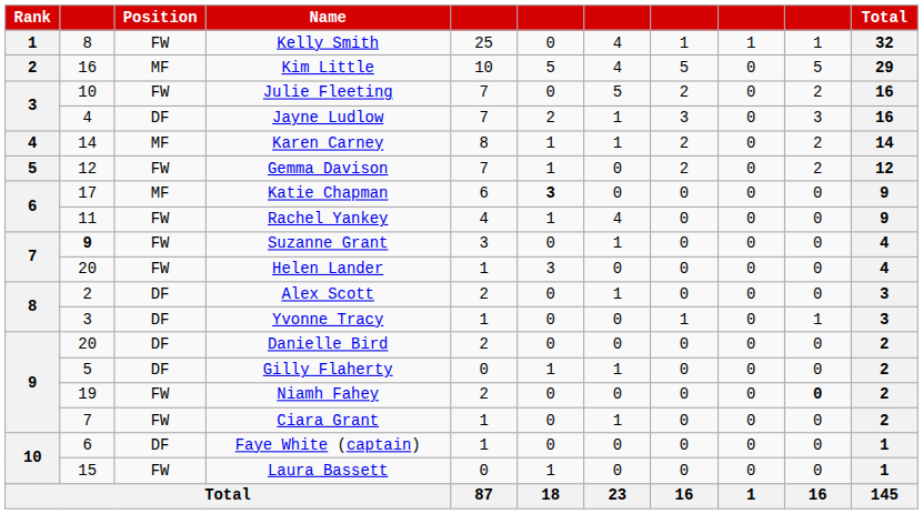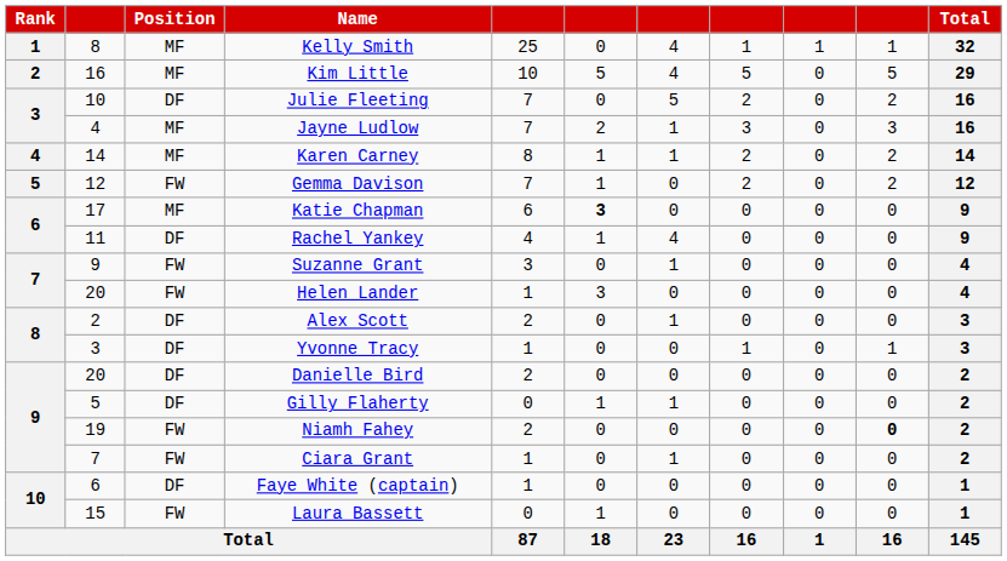 <table class="wikitable" style="text-align:center; font-size:100%; ">
 <tr>
 <th style="background:#d50000; color:white; text-align:center; width:40px">Rank</th>
 <th style="background:#d50000; color:white; text-align:center; width:40px"></th>
 <th style="background:#d50000; color:white; text-align:center; width:70px">Position</th>
 <th style="background:#d50000; color:white; text-align:center; width:200px">Name</th>
 <th style="background:#d50000; color:white; text-align:center; width:50px;"><a href='#'></a></th>
 <th style="background:#d50000; color:white; text-align:center; width:50px;"><a href='#'></a></th>
 <th style="background:#d50000; color:white; text-align:center; width:50px;"></th>
 <th style="background:#d50000; color:white; text-align:center; width:50px;"></th>
 <th style="background:#d50000; color:white; text-align:center; width:50px;"></th>
 <th style="background:#d50000; color:white; text-align:center; width:50px;"></th>
 <th style="background:#d50000; color:white; text-align:center; width:50px;">Total</th>
 </tr>
 <tr>
 <th>1</th>
 <td>8</td>
-<td>FW</td>
+<td>MF</td>
 <td> <a href='#'>Kelly Smith</a></td>
 <td>25</td>
 <td>0</td>
 <td>4</td>
 <td>1</td>
 <td>1</td>
 <td>1</td>
 <th>32</th>
 </tr>
 <tr>
 <th>2</th>
 <td>16</td>
 <td>MF</td>
 <td> <a href='#'>Kim Little</a></td>
 <td>10</td>
 <td>5</td>
 <td>4</td>
 <td>5</td>
 <td>0</td>
 <td>5</td>
 <th>29</th>
 </tr>
 <tr>
 <th rowspan="2">3</th>
 <td>10</td>
-<td>FW</td>
+<td>DF</td>
 <td> <a href='#'>Julie Fleeting</a></td>
 <td>7</td>
 <td>0</td>
 <td>5</td>
 <td>2</td>
 <td>0</td>
 <td>2</td>
 <th>16</th>
 </tr>
 <tr>
 <td>4</td>
-<td>DF</td>
+<td>MF</td>
 <td> <a href='#'>Jayne Ludlow</a></td>
 <td>7</td>
 <td>2</td>
 <td>1</td>
 <td>3</td>
 <td>0</td>
 <td>3</td>
 <th>16</th>
 </tr>
 <tr>
 <th>4</th>
 <td>14</td>
 <td>MF</td>
 <td> <a href='#'>Karen Carney</a></td>
 <td>8</td>
 <td>1</td>
 <td>1</td>
 <td>2</td>
 <td>0</td>
 <td>2</td>
 <th>14</th>
 </tr>
 <tr>
 <th>5</th>
 <td>12</td>
 <td>FW</td>
 <td> <a href='#'>Gemma Davison</a></td>
 <td>7</td>
 <td>1</td>
 <td>0</td>
 <td>2</td>
 <td>0</td>
 <td>2</td>
 <th>12</th>
 </tr>
 <tr>
 <th rowspan="2">6</th>
 <td>17</td>
 <td>MF</td>
 <td><em></em> <a href='#'>Katie Chapman</a></td>
 <td>6</td>
 <td><strong>3</strong></td>
 <td>0</td>
 <td>0</td>
 <td>0</td>
 <td>0</td>
 <th>9</th>
 </tr>
 <tr>
 <td>11</td>
-<td>FW</td>
+<td>DF</td>
 <td> <a href='#'>Rachel Yankey</a></td>
 <td>4</td>
 <td>1</td>
 <td>4</td>
 <td>0</td>
 <td>0</td>
 <td>0</td>
 <th>9</th>
 </tr>
 <tr>
 <th rowspan="2">7</th>
-<td><strong>9</strong></td>
+<td>9</td>
 <td>FW</td>
 <td> <a href='#'>Suzanne Grant</a></td>
 <td>3</td>
 <td>0</td>
 <td>1</td>
 <td>0</td>
 <td>0</td>
 <td>0</td>
 <th>4</th>
 </tr>
 <tr>
 <td>20</td>
 <td>FW</td>
 <td> <a href='#'>Helen Lander</a></td>
 <td>1</td>
 <td>3</td>
 <td>0</td>
 <td>0</td>
 <td>0</td>
 <td>0</td>
 <th>4</th>
 </tr>
 <tr>
 <th rowspan="2">8</th>
 <td>2</td>
 <td>DF</td>
 <td> <a href='#'>Alex Scott</a></td>
 <td>2</td>
 <td>0</td>
 <td>1</td>
 <td>0</td>
 <td>0</td>
 <td>0</td>
 <th>3</th>
 </tr>
 <tr>
 <td>3</td>
 <td>DF</td>
 <td> <a href='#'>Yvonne Tracy</a></td>
 <td>1</td>
 <td>0</td>
 <td>0</td>
 <td>1</td>
 <td>0</td>
 <td>1</td>
 <th>3</th>
 </tr>
 <tr>
 <th rowspan="4">9</th>
 <td>20</td>
 <td>DF</td>
 <td> <a href='#'>Danielle Bird</a></td>
 <td>2</td>
 <td>0</td>
 <td>0</td>
 <td>0</td>
 <td>0</td>
 <td>0</td>
 <th>2</th>
 </tr>
 <tr>
 <td>5</td>
 <td>DF</td>
 <td> <a href='#'>Gilly Flaherty</a></td>
 <td>0</td>
 <td>1</td>
 <td>1</td>
 <td>0</td>
 <td>0</td>
 <td>0</td>
 <th>2</th>
 </tr>
 <tr>
 <td>19</td>
 <td>FW</td>
 <td> <a href='#'>Niamh Fahey</a></td>
 <td>2</td>
 <td>0</td>
 <td>0</td>
 <td>0</td>
 <td>0</td>
 <td><strong>0</strong></td>
 <th>2</th>
 </tr>
 <tr>
 <td>7</td>
 <td>FW</td>
 <td> <a href='#'>Ciara Grant</a></td>
 <td>1</td>
 <td>0</td>
 <td>1</td>
 <td>0</td>
 <td>0</td>
 <td>0</td>
 <th>2</th>
 </tr>
 <tr>
 <th rowspan="2">10</th>
 <td>6</td>
 <td>DF</td>
 <td> <a href='#'>Faye White</a> (<a href='#'>captain</a>)</td>
 <td>1</td>
 <td>0</td>
 <td>0</td>
 <td>0</td>
 <td>0</td>
 <td>0</td>
 <th>1</th>
 </tr>
 <tr>
 <td>15</td>
 <td>FW</td>
 <td> <a href='#'>Laura Bassett</a></td>
 <td>0</td>
 <td>1</td>
 <td>0</td>
 <td>0</td>
 <td>0</td>
 <td>0</td>
 <th>1</th>
 </tr>
 <tr>
 <th colspan="4">Total</th>
 <th>87</th>
 <th>18</th>
 <th>23</th>
 <th>16</th>
 <th>1</th>
 <th>16</th>
 <th>145</th>
 </tr>
 </table>
